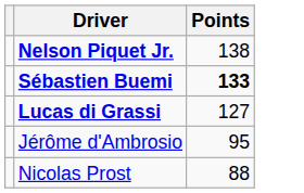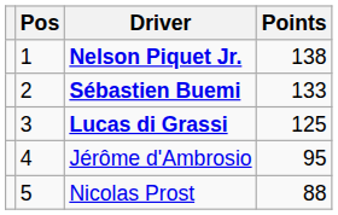 <table class="wikitable" style="font-size: 95%; display:inline-table;">
 <tr>
 <th></th>
+<th>Pos</th>
 <th>Driver</th>
 <th>Points</th>
 </tr>
 <tr>
 <td align="left"></td>
+<td>1</td>
 <td> <strong><a href='#'>Nelson Piquet Jr.</a></strong></td>
 <td align="right">138</td>
 </tr>
 <tr>
 <td align="left"></td>
+<td>2</td>
 <td> <strong><a href='#'>Sébastien Buemi</a></strong></td>
-<td align="right"><strong>133</strong></td>
+<td align="right">133</td>
 </tr>
 <tr>
 <td align="left"></td>
+<td>3</td>
 <td> <strong><a href='#'>Lucas di Grassi</a></strong></td>
-<td align="right">127</td>
+<td align="right">125</td>
 </tr>
 <tr>
 <td align="left"></td>
+<td>4</td>
 <td> <a href='#'>Jérôme d'Ambrosio</a></td>
 <td align="right">95</td>
 </tr>
 <tr>
 <td align="left"></td>
+<td>5</td>
 <td> <a href='#'>Nicolas Prost</a></td>
 <td align="right">88</td>
 </tr>
 </table>
